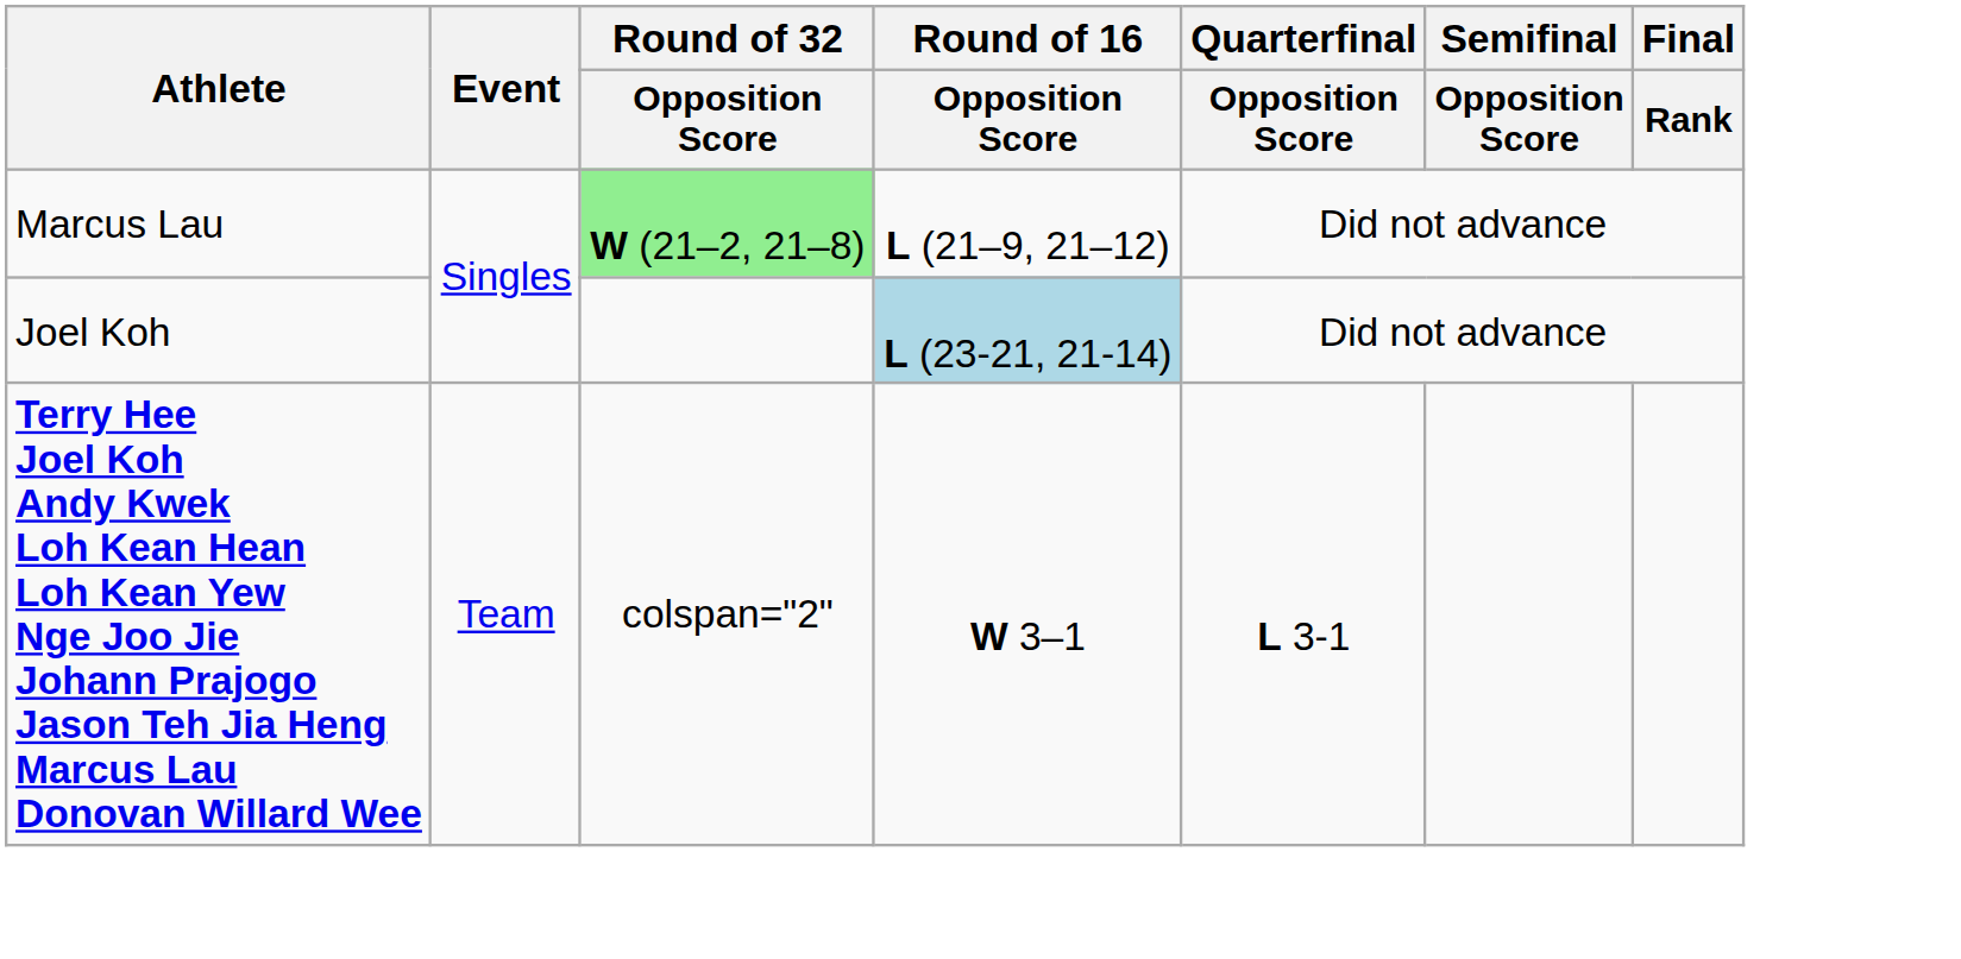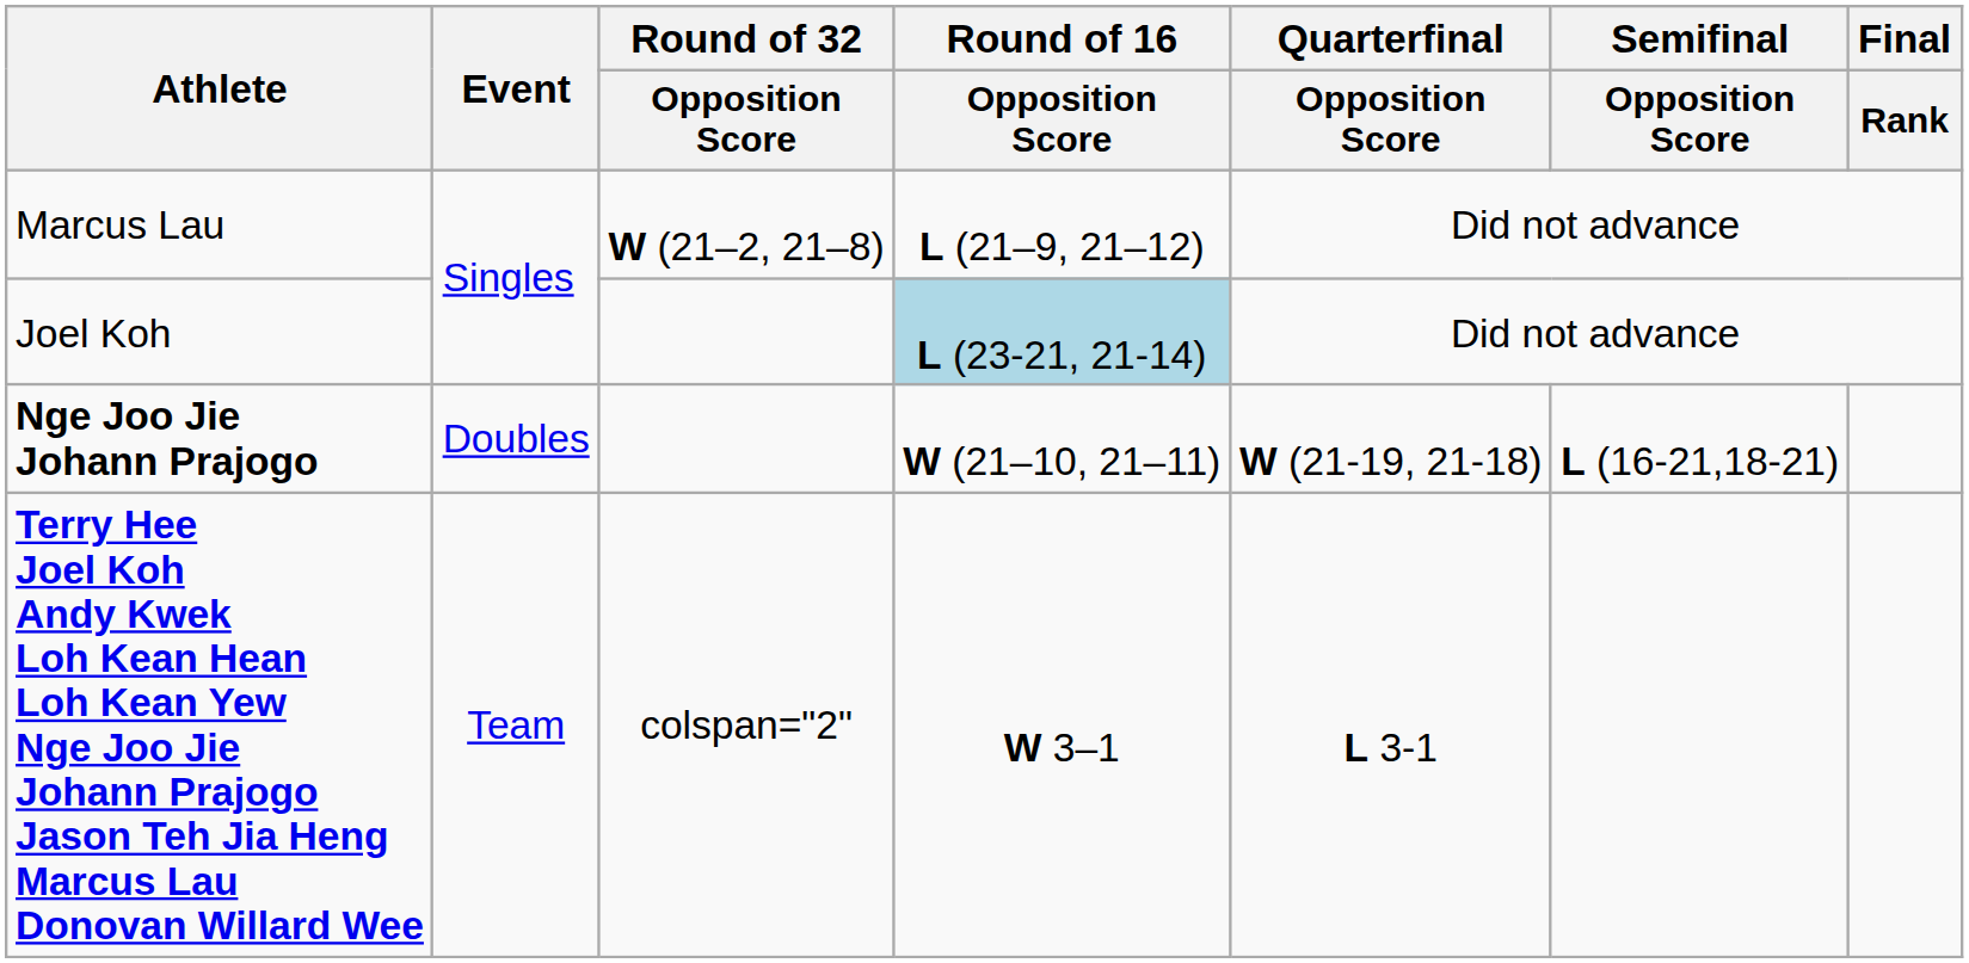 <table class="wikitable" style="font-size:90%">
 <tr>
 <th rowspan="2">Athlete</th>
 <th rowspan="2">Event</th>
 <th>Round of 32</th>
 <th>Round of 16</th>
 <th>Quarterfinal</th>
 <th>Semifinal</th>
 <th>Final</th>
 </tr>
 <tr style="font-size:90%", align="center">
 <th>Opposition<br>Score</th>
 <th>Opposition<br>Score</th>
 <th>Opposition<br>Score</th>
 <th>Opposition<br>Score</th>
 <th>Rank</th>
 </tr>
 <tr align="center">
 <td align="left">Marcus Lau</td>
 <td rowspan="2" align="left"><a href='#'>Singles</a></td>
-<td style="background: lightgreen;"><br><strong>W</strong> (21–2, 21–8)</td>
+<td><br><strong>W</strong> (21–2, 21–8)</td>
 <td><br><strong>L</strong> (21–9, 21–12)</td>
 <td colspan="3">Did not advance</td>
 </tr>
 <tr align="center">
 <td align="left">Joel Koh</td>
 <td></td>
 <td style="background: lightblue;"> <br> <strong>L</strong>	(23-21, 21-14)</td>
 <td colspan="3">Did not advance</td>
 </tr>
 <tr align="center">
+<td align="left"><strong>Nge Joo Jie<br>Johann Prajogo</strong></td>
+<td><a href='#'>Doubles</a></td>
+<td></td>
+<td><br><strong>W</strong> (21–10, 21–11)</td>
+<td> <br><strong>W</strong> (21-19, 21-18)</td>
+<td> <br> <strong>L</strong> (16-21,18-21)</td>
+<td></td>
+</tr>
+<tr align="center">
 <td align="left"><strong><a href='#'>Terry Hee</a><br><a href='#'>Joel Koh</a><br><a href='#'>Andy Kwek</a><br><a href='#'>Loh Kean Hean</a><br><a href='#'>Loh Kean Yew</a><br><a href='#'>Nge Joo Jie</a><br><a href='#'>Johann Prajogo</a><br><a href='#'>Jason Teh Jia Heng</a><br><a href='#'>Marcus Lau</a><br><a href='#'>Donovan Willard Wee</a></strong></td>
 <td><a href='#'>Team</a></td>
 <td>colspan="2" </td>
 <td><br><strong>W</strong> 3–1</td>
 <td><br><strong>L</strong> 3-1</td>
 <td></td>
 </tr>
 </table>
